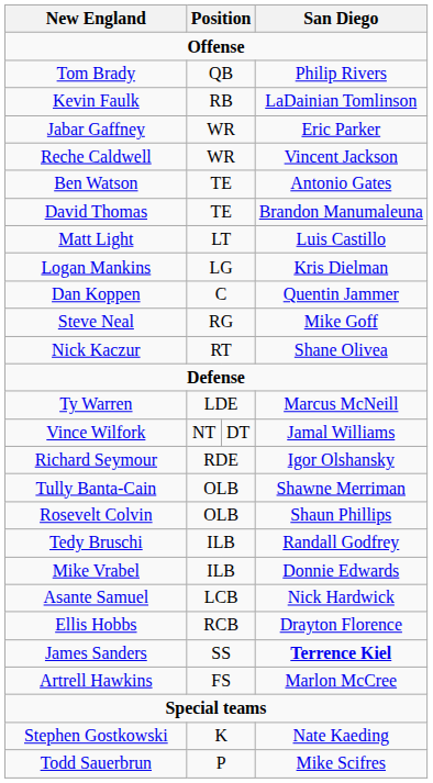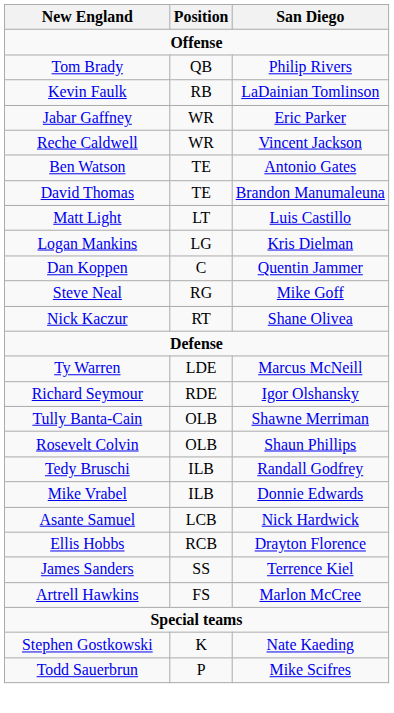 <table class="wikitable" style="text-align:center";>
 <tr>
 <th style="width:160px;">New England</th>
 <th colspan="2">Position</th>
 <th>San Diego</th>
 </tr>
 <tr>
 <td colspan="4" style="text-align:center;"><strong>Offense</strong></td>
 </tr>
 <tr>
 <td><a href='#'>Tom Brady</a></td>
 <td colspan="2" style="text-align:center;">QB</td>
 <td><a href='#'>Philip Rivers</a></td>
 </tr>
 <tr>
 <td><a href='#'>Kevin Faulk</a></td>
 <td colspan="2" style="text-align:center;">RB</td>
 <td><a href='#'>LaDainian Tomlinson</a></td>
 </tr>
 <tr>
 <td><a href='#'>Jabar Gaffney</a></td>
 <td colspan="2" style="text-align:center;">WR</td>
 <td><a href='#'>Eric Parker</a></td>
 </tr>
 <tr>
 <td><a href='#'>Reche Caldwell</a></td>
 <td colspan="2" style="text-align:center;">WR</td>
 <td><a href='#'>Vincent Jackson</a></td>
 </tr>
 <tr>
 <td><a href='#'>Ben Watson</a></td>
 <td colspan="2" style="text-align:center;">TE</td>
 <td><a href='#'>Antonio Gates</a></td>
 </tr>
 <tr>
 <td><a href='#'>David Thomas</a></td>
 <td colspan="2" style="text-align:center;">TE</td>
 <td><a href='#'>Brandon Manumaleuna</a></td>
 </tr>
 <tr>
 <td><a href='#'>Matt Light</a></td>
 <td colspan="2" style="text-align:center;">LT</td>
 <td><a href='#'>Luis Castillo</a></td>
 </tr>
 <tr>
 <td><a href='#'>Logan Mankins</a></td>
 <td colspan="2" style="text-align:center;">LG</td>
 <td><a href='#'>Kris Dielman</a></td>
 </tr>
 <tr>
 <td><a href='#'>Dan Koppen</a></td>
 <td colspan="2" style="text-align:center;">C</td>
 <td><a href='#'>Quentin Jammer</a></td>
 </tr>
 <tr>
 <td><a href='#'>Steve Neal</a></td>
 <td colspan="2" style="text-align:center;">RG</td>
 <td><a href='#'>Mike Goff</a></td>
 </tr>
 <tr>
 <td><a href='#'>Nick Kaczur</a></td>
 <td colspan="2" style="text-align:center;">RT</td>
 <td><a href='#'>Shane Olivea</a></td>
 </tr>
 <tr>
 <td colspan="4" style="text-align:center;"><strong>Defense</strong></td>
 </tr>
 <tr>
 <td><a href='#'>Ty Warren</a></td>
 <td colspan="2" style="text-align:center;">LDE</td>
 <td><a href='#'>Marcus McNeill</a></td>
 </tr>
 <tr>
-<td><a href='#'>Vince Wilfork</a></td>
-<td style="text-align:center;">NT</td>
-<td align="center">DT</td>
-<td><a href='#'>Jamal Williams</a></td>
-</tr>
-<tr>
 <td><a href='#'>Richard Seymour</a></td>
 <td colspan="2" style="text-align:center;">RDE</td>
 <td><a href='#'>Igor Olshansky</a></td>
 </tr>
 <tr>
 <td><a href='#'>Tully Banta-Cain</a></td>
 <td colspan="2" style="text-align:center;">OLB</td>
 <td><a href='#'>Shawne Merriman</a></td>
 </tr>
 <tr>
 <td><a href='#'>Rosevelt Colvin</a></td>
 <td colspan="2" style="text-align:center;">OLB</td>
 <td><a href='#'>Shaun Phillips</a></td>
 </tr>
 <tr>
 <td><a href='#'>Tedy Bruschi</a></td>
 <td colspan="2" style="text-align:center;">ILB</td>
 <td><a href='#'>Randall Godfrey</a></td>
 </tr>
 <tr>
 <td><a href='#'>Mike Vrabel</a></td>
 <td colspan="2" style="text-align:center;">ILB</td>
 <td><a href='#'>Donnie Edwards</a></td>
 </tr>
 <tr>
 <td><a href='#'>Asante Samuel</a></td>
 <td colspan="2" style="text-align:center;">LCB</td>
 <td><a href='#'>Nick Hardwick</a></td>
 </tr>
 <tr>
 <td><a href='#'>Ellis Hobbs</a></td>
 <td colspan="2" style="text-align:center;">RCB</td>
 <td><a href='#'>Drayton Florence</a></td>
 </tr>
 <tr>
 <td><a href='#'>James Sanders</a></td>
 <td colspan="2" style="text-align:center;">SS</td>
-<td><strong><a href='#'>Terrence Kiel</a></strong></td>
+<td><a href='#'>Terrence Kiel</a></td>
 </tr>
 <tr>
 <td><a href='#'>Artrell Hawkins</a></td>
 <td colspan="2" style="text-align:center;">FS</td>
 <td><a href='#'>Marlon McCree</a></td>
 </tr>
 <tr>
 <td colspan="4" style="text-align:center;"><strong>Special teams</strong></td>
 </tr>
 <tr>
 <td><a href='#'>Stephen Gostkowski</a></td>
 <td colspan="2" style="text-align:center;">K</td>
 <td><a href='#'>Nate Kaeding</a></td>
 </tr>
 <tr>
 <td><a href='#'>Todd Sauerbrun</a></td>
 <td colspan="2" style="text-align:center;">P</td>
 <td><a href='#'>Mike Scifres</a></td>
 </tr>
 </table>
